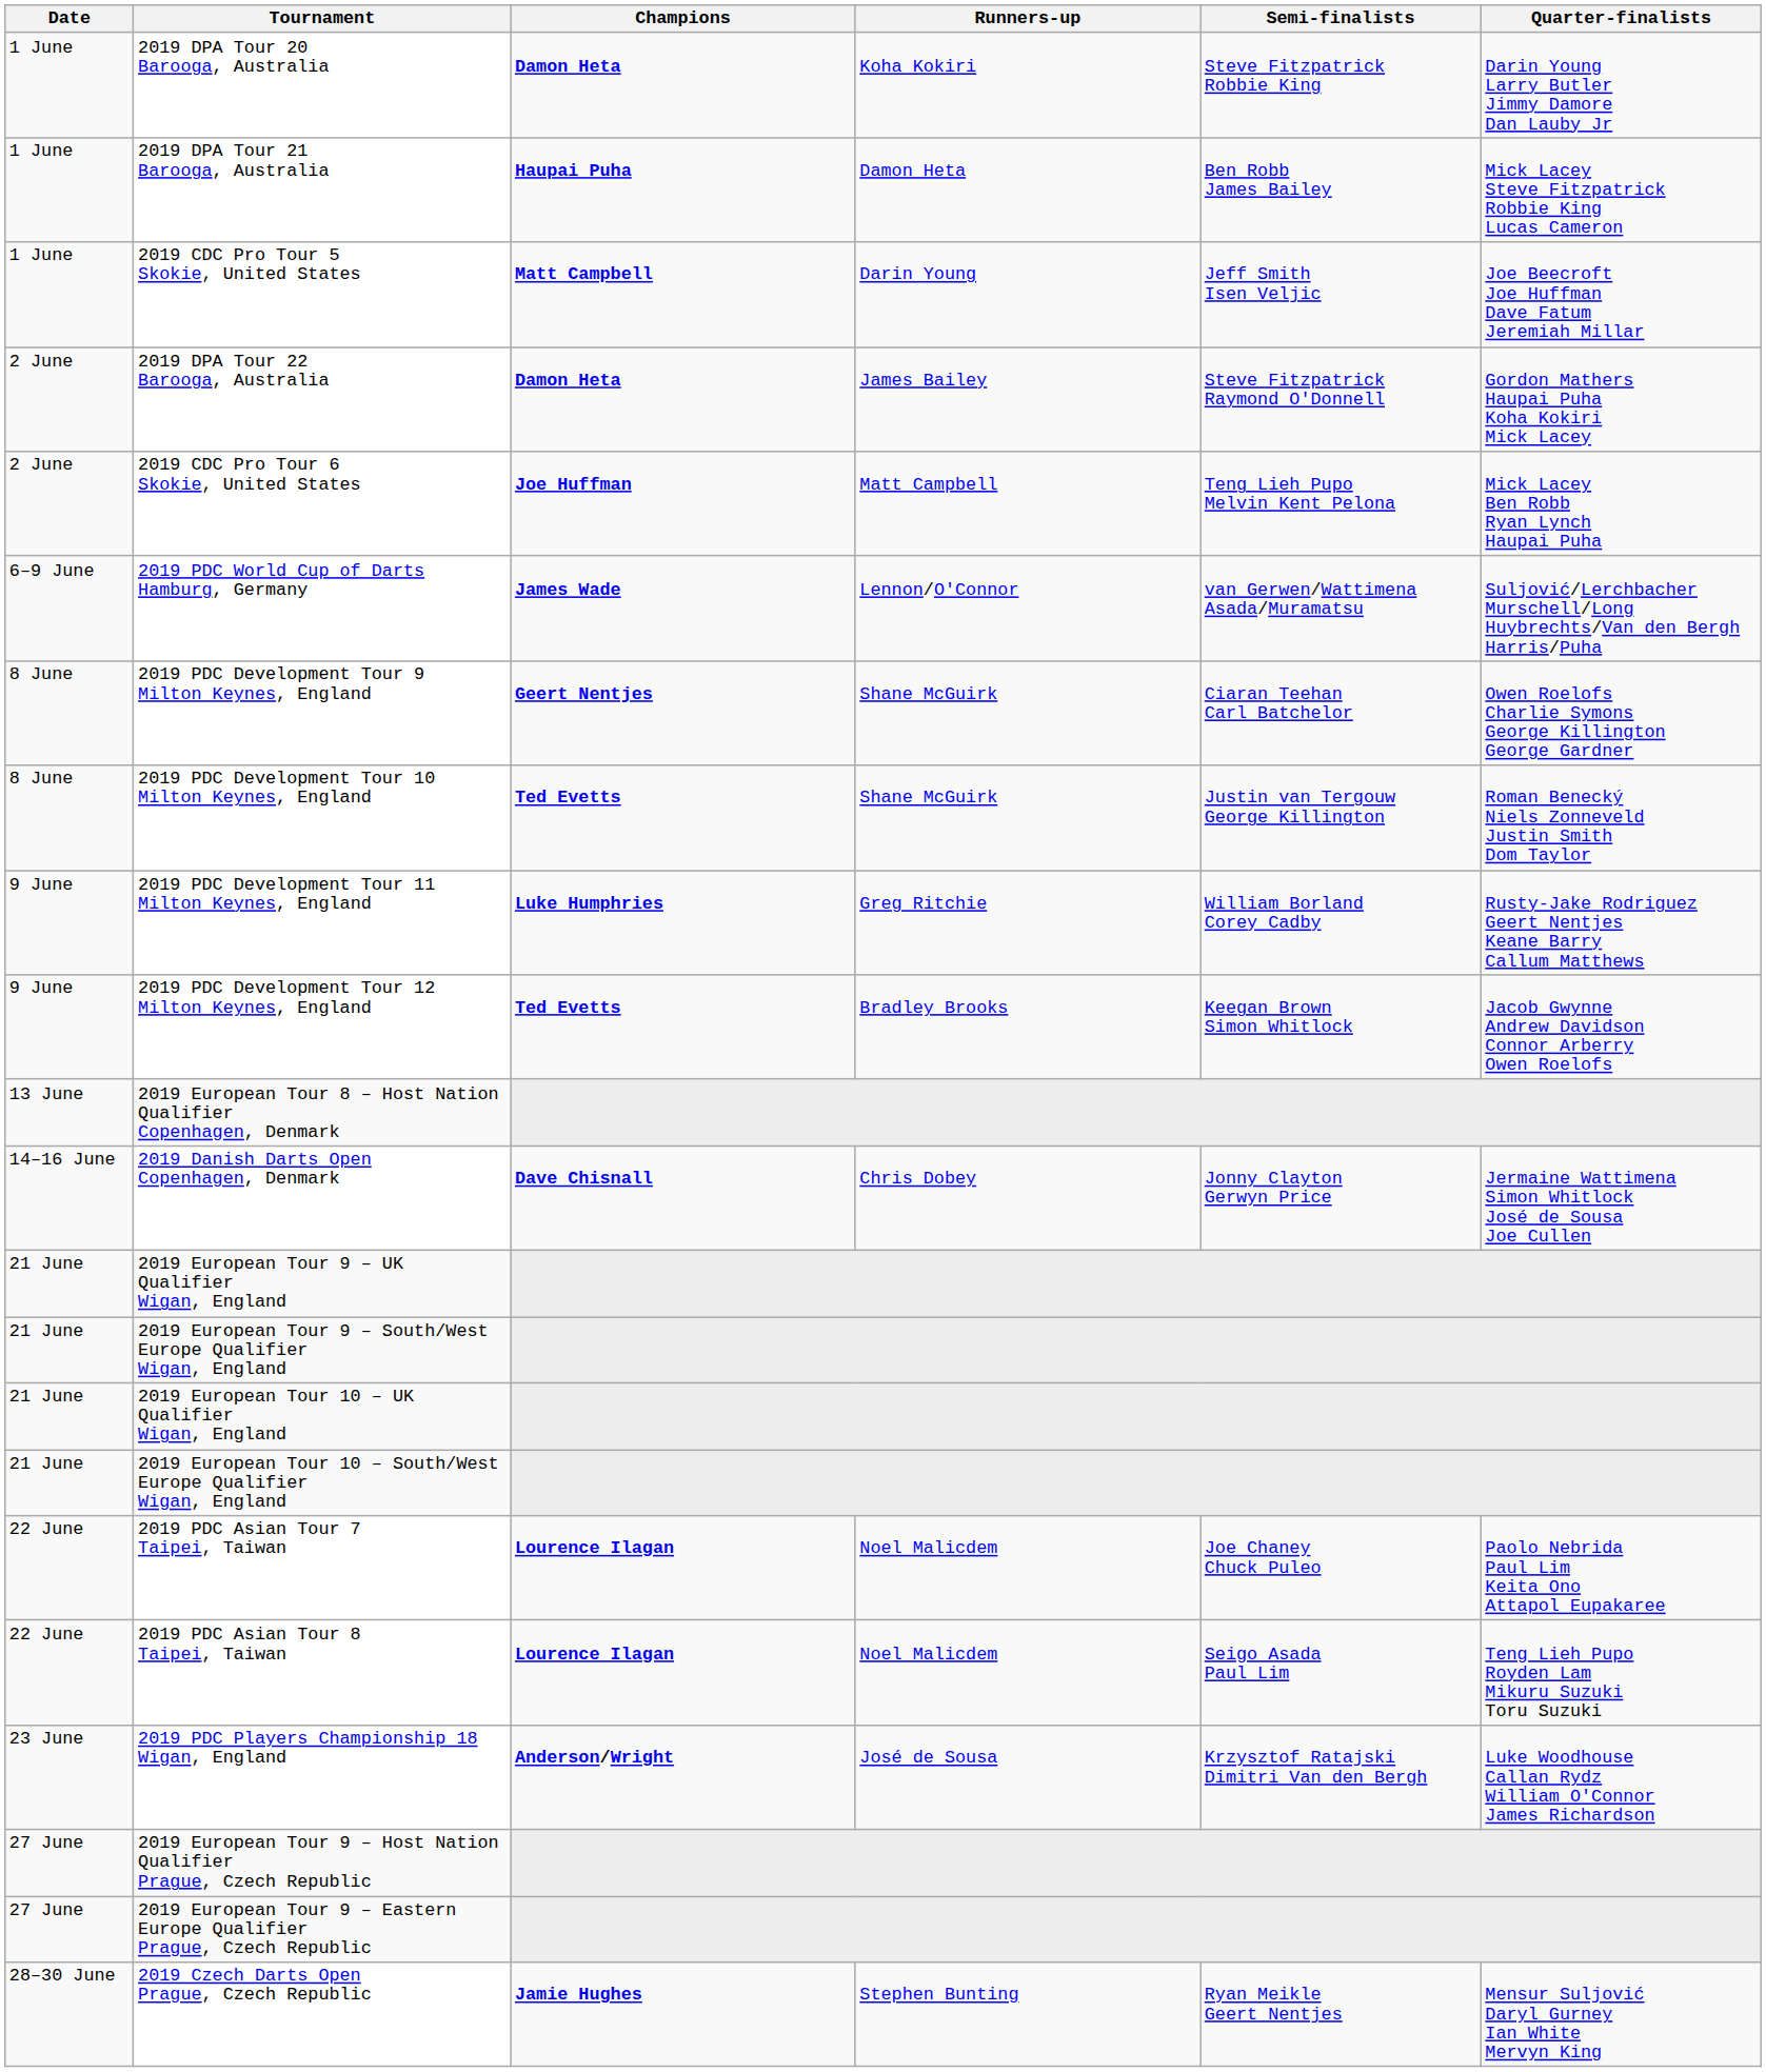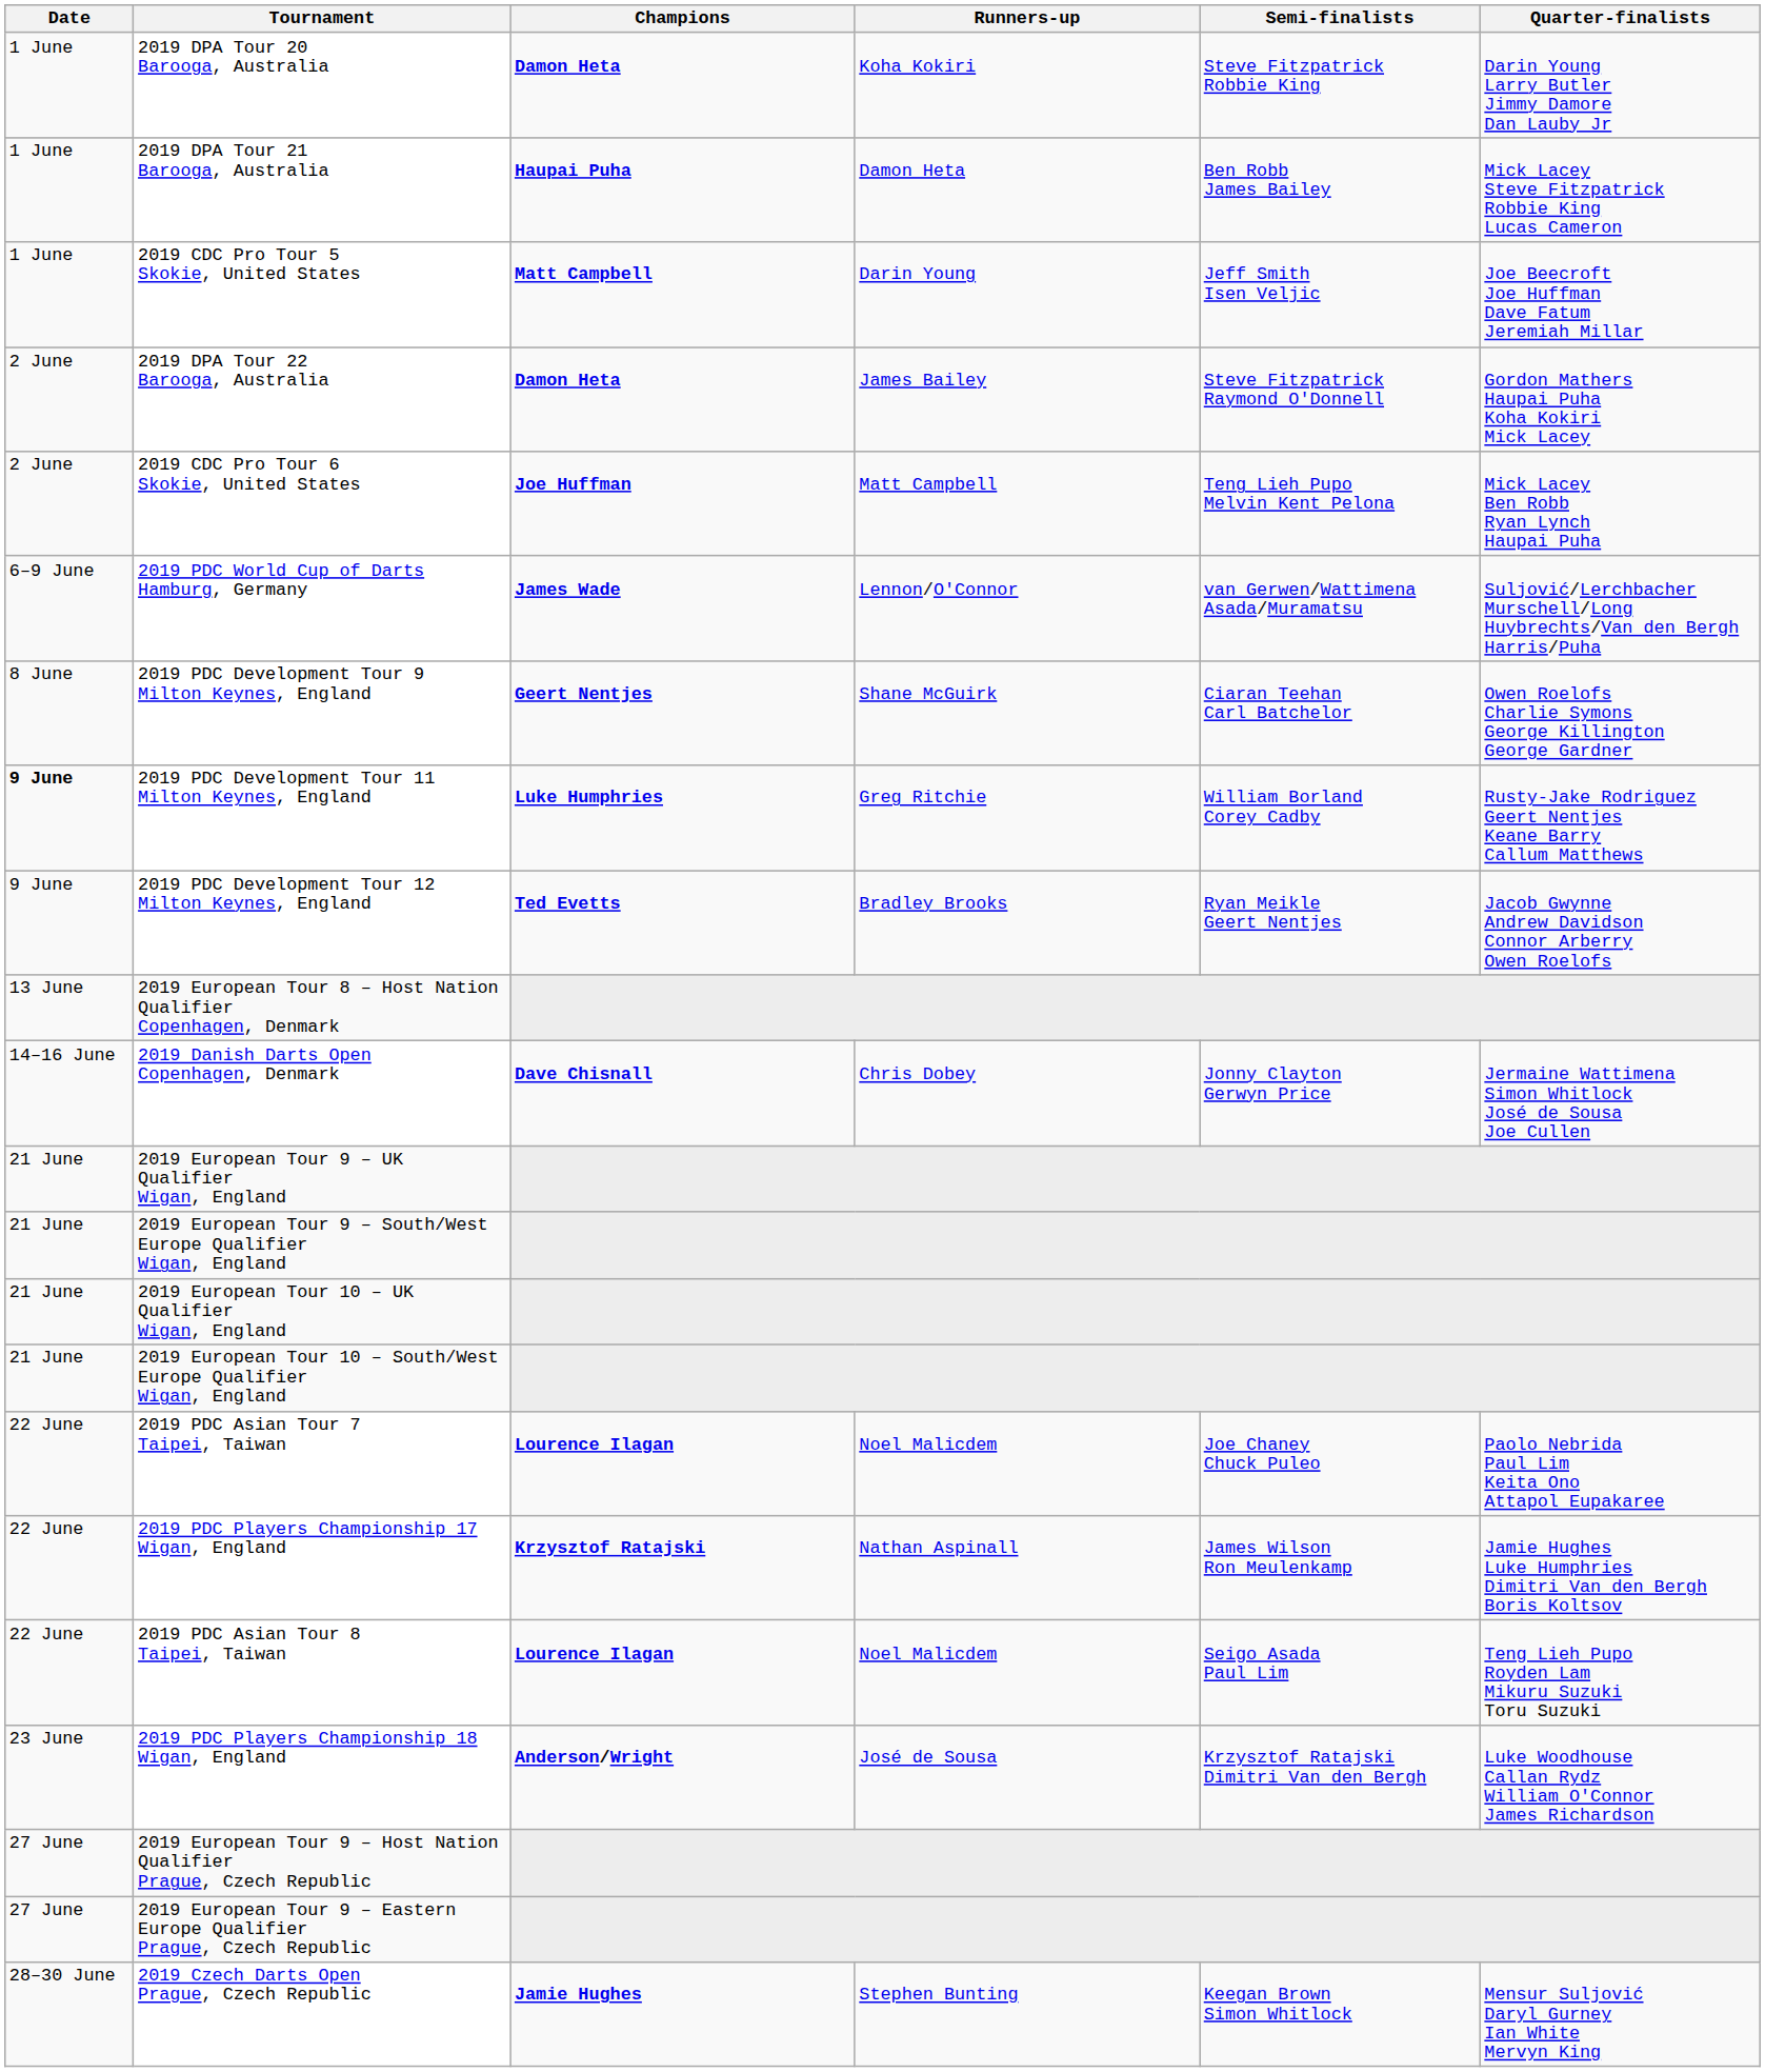 <table class=wikitable style=font-size:85%>
 <tr>
 <th width=75>Date</th>
 <th width=230>Tournament</th>
 <th width=210>Champions</th>
 <th width=210>Runners-up</th>
 <th width=170>Semi-finalists</th>
 <th width=170>Quarter-finalists</th>
 </tr>
 <tr valign="top">
 <td>1 June</td>
 <td bgcolor="#ffffff">2019 DPA Tour 20<br><a href='#'>Barooga</a>, Australia</td>
 <td><br> <strong><a href='#'>Damon Heta</a></strong></td>
 <td><br> <a href='#'>Koha Kokiri</a></td>
 <td><br> <a href='#'>Steve Fitzpatrick</a> <br>  <a href='#'>Robbie King</a></td>
 <td><br> <a href='#'>Darin Young</a> <br>  <a href='#'>Larry Butler</a> <br>  <a href='#'>Jimmy Damore</a> <br>  <a href='#'>Dan Lauby Jr</a></td>
 </tr>
 <tr valign="top">
 <td>1 June</td>
 <td bgcolor="#ffffff">2019 DPA Tour 21<br><a href='#'>Barooga</a>, Australia</td>
 <td><br> <strong><a href='#'>Haupai Puha</a></strong></td>
 <td><br> <a href='#'>Damon Heta</a></td>
 <td><br> <a href='#'>Ben Robb</a> <br>  <a href='#'>James Bailey</a></td>
 <td><br> <a href='#'>Mick Lacey</a> <br>  <a href='#'>Steve Fitzpatrick</a> <br>  <a href='#'>Robbie King</a> <br>  <a href='#'>Lucas Cameron</a></td>
 </tr>
 <tr valign="top">
 <td>1 June</td>
 <td bgcolor="#ffffff">2019 CDC Pro Tour 5<br><a href='#'>Skokie</a>, United States</td>
 <td><br> <strong><a href='#'>Matt Campbell</a></strong></td>
 <td><br> <a href='#'>Darin Young</a></td>
 <td><br> <a href='#'>Jeff Smith</a> <br>  <a href='#'>Isen Veljic</a></td>
 <td><br> <a href='#'>Joe Beecroft</a> <br>  <a href='#'>Joe Huffman</a> <br>  <a href='#'>Dave Fatum</a> <br>  <a href='#'>Jeremiah Millar</a></td>
 </tr>
 <tr valign="top">
 <td>2 June</td>
 <td bgcolor="#ffffff">2019 DPA Tour 22<br><a href='#'>Barooga</a>, Australia</td>
 <td><br> <strong><a href='#'>Damon Heta</a></strong></td>
 <td><br> <a href='#'>James Bailey</a></td>
 <td><br> <a href='#'>Steve Fitzpatrick</a> <br>  <a href='#'>Raymond O'Donnell</a></td>
 <td><br> <a href='#'>Gordon Mathers</a> <br>  <a href='#'>Haupai Puha</a> <br>  <a href='#'>Koha Kokiri</a> <br>  <a href='#'>Mick Lacey</a></td>
 </tr>
 <tr valign="top">
 <td>2 June</td>
 <td bgcolor="#ffffff">2019 CDC Pro Tour 6<br><a href='#'>Skokie</a>, United States</td>
 <td><br> <strong><a href='#'>Joe Huffman</a></strong></td>
 <td><br> <a href='#'>Matt Campbell</a></td>
 <td><br> <a href='#'>Teng Lieh Pupo</a> <br>  <a href='#'>Melvin Kent Pelona</a></td>
 <td><br> <a href='#'>Mick Lacey</a> <br>  <a href='#'>Ben Robb</a> <br>  <a href='#'>Ryan Lynch</a> <br>  <a href='#'>Haupai Puha</a></td>
 </tr>
 <tr valign="top">
 <td>6–9 June</td>
 <td bgcolor="#ffffff"><a href='#'>2019 PDC World Cup of Darts</a><br><a href='#'>Hamburg</a>, Germany</td>
 <td><br> <strong><a href='#'>James Wade</a></strong></td>
 <td><br> <a href='#'>Lennon</a>/<a href='#'>O'Connor</a></td>
 <td><br> <a href='#'>van Gerwen</a>/<a href='#'>Wattimena</a> <br>  <a href='#'>Asada</a>/<a href='#'>Muramatsu</a></td>
 <td><br> <a href='#'>Suljović</a>/<a href='#'>Lerchbacher</a> <br>  <a href='#'>Murschell</a>/<a href='#'>Long</a> <br>  <a href='#'>Huybrechts</a>/<a href='#'>Van den Bergh</a> <br>  <a href='#'>Harris</a>/<a href='#'>Puha</a></td>
 </tr>
 <tr valign="top">
 <td>8 June</td>
 <td bgcolor="#ffffff">2019 PDC Development Tour 9<br><a href='#'>Milton Keynes</a>, England</td>
 <td><br> <strong><a href='#'>Geert Nentjes</a></strong></td>
 <td><br> <a href='#'>Shane McGuirk</a></td>
 <td><br> <a href='#'>Ciaran Teehan</a> <br>  <a href='#'>Carl Batchelor</a></td>
 <td><br> <a href='#'>Owen Roelofs</a> <br>  <a href='#'>Charlie Symons</a> <br>  <a href='#'>George Killington</a> <br>  <a href='#'>George Gardner</a></td>
 </tr>
 <tr valign="top">
-<td>8 June</td>
-<td bgcolor="#ffffff">2019 PDC Development Tour 10<br><a href='#'>Milton Keynes</a>, England</td>
-<td><br> <strong><a href='#'>Ted Evetts</a></strong></td>
-<td><br> <a href='#'>Shane McGuirk</a></td>
-<td><br> <a href='#'>Justin van Tergouw</a> <br>  <a href='#'>George Killington</a></td>
-<td><br> <a href='#'>Roman Benecký</a> <br>  <a href='#'>Niels Zonneveld</a> <br>  <a href='#'>Justin Smith</a> <br>  <a href='#'>Dom Taylor</a></td>
-</tr>
-<tr valign="top">
-<td>9 June</td>
+<td><strong>9 June</strong></td>
 <td bgcolor="#ffffff">2019 PDC Development Tour 11<br><a href='#'>Milton Keynes</a>, England</td>
 <td><br> <strong><a href='#'>Luke Humphries</a></strong></td>
 <td><br> <a href='#'>Greg Ritchie</a></td>
 <td><br> <a href='#'>William Borland</a> <br>  <a href='#'>Corey Cadby</a></td>
 <td><br> <a href='#'>Rusty-Jake Rodriguez</a> <br>  <a href='#'>Geert Nentjes</a> <br>  <a href='#'>Keane Barry</a> <br>  <a href='#'>Callum Matthews</a></td>
 </tr>
 <tr valign="top">
 <td>9 June</td>
 <td bgcolor="#ffffff">2019 PDC Development Tour 12<br><a href='#'>Milton Keynes</a>, England</td>
 <td><br> <strong><a href='#'>Ted Evetts</a></strong></td>
 <td><br> <a href='#'>Bradley Brooks</a></td>
-<td><br> <a href='#'>Keegan Brown</a> <br>  <a href='#'>Simon Whitlock</a></td>
+<td><br> <a href='#'>Ryan Meikle</a> <br>  <a href='#'>Geert Nentjes</a></td>
 <td><br> <a href='#'>Jacob Gwynne</a> <br>  <a href='#'>Andrew Davidson</a> <br>  <a href='#'>Connor Arberry</a> <br>  <a href='#'>Owen Roelofs</a></td>
 </tr>
 <tr valign="top">
 <td rowspan=1>13 June</td>
 <td>2019 European Tour 8 – Host Nation Qualifier <br><a href='#'>Copenhagen</a>, Denmark</td>
 <td colspan=4 bgcolor="#ededed"></td>
 </tr>
 <tr valign="top">
 <td>14–16 June</td>
 <td bgcolor="#ffffff"><a href='#'>2019 Danish Darts Open</a><br><a href='#'>Copenhagen</a>, Denmark</td>
 <td><br> <strong><a href='#'>Dave Chisnall</a></strong></td>
 <td><br> <a href='#'>Chris Dobey</a></td>
 <td><br> <a href='#'>Jonny Clayton</a> <br>  <a href='#'>Gerwyn Price</a></td>
 <td><br> <a href='#'>Jermaine Wattimena</a> <br>  <a href='#'>Simon Whitlock</a> <br>  <a href='#'>José de Sousa</a> <br>  <a href='#'>Joe Cullen</a></td>
 </tr>
 <tr valign="top">
 <td rowspan=1>21 June</td>
 <td>2019 European Tour 9 – UK Qualifier <br><a href='#'>Wigan</a>, England</td>
 <td colspan=4 bgcolor="#ededed"></td>
 </tr>
 <tr valign="top">
 <td rowspan=1>21 June</td>
 <td>2019 European Tour 9 – South/West Europe Qualifier <br><a href='#'>Wigan</a>, England</td>
 <td colspan=4 bgcolor="#ededed"></td>
 </tr>
 <tr valign="top">
 <td rowspan=1>21 June</td>
 <td>2019 European Tour 10 – UK Qualifier <br><a href='#'>Wigan</a>, England</td>
 <td colspan=4 bgcolor="#ededed"></td>
 </tr>
 <tr valign="top">
 <td rowspan=1>21 June</td>
 <td>2019 European Tour 10 – South/West Europe Qualifier <br><a href='#'>Wigan</a>, England</td>
 <td colspan=4 bgcolor="#ededed"></td>
 </tr>
 <tr valign="top">
 <td>22 June</td>
 <td bgcolor="#ffffff">2019 PDC Asian Tour 7<br><a href='#'>Taipei</a>, Taiwan</td>
 <td><br> <strong><a href='#'>Lourence Ilagan</a></strong></td>
 <td><br> <a href='#'>Noel Malicdem</a></td>
 <td><br> <a href='#'>Joe Chaney</a> <br>  <a href='#'>Chuck Puleo</a></td>
 <td><br> <a href='#'>Paolo Nebrida</a> <br>  <a href='#'>Paul Lim</a> <br>  <a href='#'>Keita Ono</a> <br>  <a href='#'>Attapol Eupakaree</a></td>
 </tr>
 <tr valign="top">
 <td>22 June</td>
+<td bgcolor="#ffffff"><a href='#'>2019 PDC Players Championship 17</a><br><a href='#'>Wigan</a>, England</td>
+<td><br> <strong><a href='#'>Krzysztof Ratajski</a></strong></td>
+<td><br> <a href='#'>Nathan Aspinall</a></td>
+<td><br> <a href='#'>James Wilson</a> <br>  <a href='#'>Ron Meulenkamp</a></td>
+<td><br> <a href='#'>Jamie Hughes</a> <br>  <a href='#'>Luke Humphries</a> <br>  <a href='#'>Dimitri Van den Bergh</a> <br>  <a href='#'>Boris Koltsov</a></td>
+</tr>
+<tr valign="top">
+<td>22 June</td>
 <td bgcolor="#ffffff">2019 PDC Asian Tour 8<br><a href='#'>Taipei</a>, Taiwan</td>
 <td><br> <strong><a href='#'>Lourence Ilagan</a></strong></td>
 <td><br> <a href='#'>Noel Malicdem</a></td>
 <td><br> <a href='#'>Seigo Asada</a> <br>  <a href='#'>Paul Lim</a></td>
 <td><br> <a href='#'>Teng Lieh Pupo</a> <br>  <a href='#'>Royden Lam</a> <br>  <a href='#'>Mikuru Suzuki</a> <br>  Toru Suzuki</td>
 </tr>
 <tr valign="top">
 <td>23 June</td>
 <td bgcolor="#ffffff"><a href='#'>2019 PDC Players Championship 18</a><br><a href='#'>Wigan</a>, England</td>
 <td><br> <strong><a href='#'>Anderson</a>/<a href='#'>Wright</a></strong></td>
 <td><br> <a href='#'>José de Sousa</a></td>
 <td><br> <a href='#'>Krzysztof Ratajski</a> <br>  <a href='#'>Dimitri Van den Bergh</a></td>
 <td><br> <a href='#'>Luke Woodhouse</a> <br>  <a href='#'>Callan Rydz</a> <br>  <a href='#'>William O'Connor</a> <br>  <a href='#'>James Richardson</a></td>
 </tr>
 <tr valign="top">
 <td rowspan=1>27 June</td>
 <td>2019 European Tour 9 – Host Nation Qualifier <br><a href='#'>Prague</a>, Czech Republic</td>
 <td colspan=4 bgcolor="#ededed"></td>
 </tr>
 <tr valign="top">
 <td rowspan=1>27 June</td>
 <td>2019 European Tour 9 – Eastern Europe Qualifier <br><a href='#'>Prague</a>, Czech Republic</td>
 <td colspan=4 bgcolor="#ededed"></td>
 </tr>
 <tr valign="top">
 <td>28–30 June</td>
 <td bgcolor="#ffffff"><a href='#'>2019 Czech Darts Open</a><br><a href='#'>Prague</a>, Czech Republic</td>
 <td><br> <strong><a href='#'>Jamie Hughes</a></strong></td>
 <td><br> <a href='#'>Stephen Bunting</a></td>
-<td><br> <a href='#'>Ryan Meikle</a> <br>  <a href='#'>Geert Nentjes</a></td>
+<td><br> <a href='#'>Keegan Brown</a> <br>  <a href='#'>Simon Whitlock</a></td>
 <td><br> <a href='#'>Mensur Suljović</a> <br>  <a href='#'>Daryl Gurney</a> <br>  <a href='#'>Ian White</a> <br>  <a href='#'>Mervyn King</a></td>
 </tr>
 </table>
